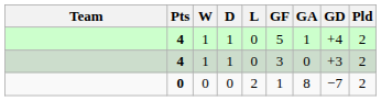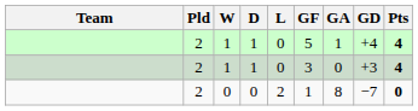 <table class="wikitable" style="text-align:center">
 <tr>
 <th width="175">Team</th>
-<th width="20">Pts</th>
+<th width="20">Pld</th>
 <th width="20">W</th>
 <th width="20">D</th>
 <th width="20">L</th>
 <th width="20">GF</th>
 <th width="20">GA</th>
 <th width="20">GD</th>
-<th width="20">Pld</th>
+<th width="20">Pts</th>
 </tr>
 <tr bgcolor="#ccffcc">
 <td align=left></td>
-<td><strong>4</strong></td>
+<td>2</td>
 <td>1</td>
 <td>1</td>
 <td>0</td>
 <td>5</td>
 <td>1</td>
 <td>+4</td>
-<td>2</td>
+<td><strong>4</strong></td>
 </tr>
 <tr bgcolor="#ccddcc">
 <td align=left></td>
-<td><strong>4</strong></td>
+<td>2</td>
 <td>1</td>
 <td>1</td>
 <td>0</td>
 <td>3</td>
 <td>0</td>
 <td>+3</td>
-<td>2</td>
+<td><strong>4</strong></td>
 </tr>
 <tr align=center>
 <td align=left></td>
-<td><strong>0</strong></td>
+<td>2</td>
 <td>0</td>
 <td>0</td>
 <td>2</td>
 <td>1</td>
 <td>8</td>
 <td>−7</td>
-<td>2</td>
+<td><strong>0</strong></td>
 </tr>
 </table>
